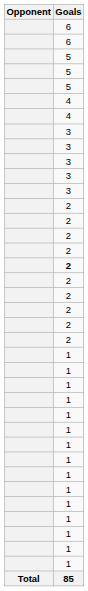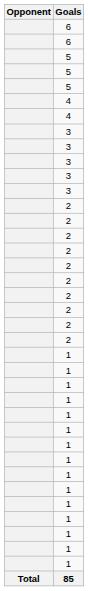 <table class="wikitable plainrowheaders sortable" style="text-align:center; font-size:95%">
 <tr>
 <th scope="col">Opponent</th>
 <th scope="col">Goals</th>
 </tr>
 <tr>
 <th scope="row"></th>
 <td>6</td>
 </tr>
 <tr>
 <th scope="row"></th>
 <td>6</td>
 </tr>
 <tr>
 <th scope="row"></th>
 <td>5</td>
 </tr>
 <tr>
 <th scope="row"></th>
 <td>5</td>
 </tr>
 <tr>
 <th scope="row"></th>
 <td>5</td>
 </tr>
 <tr>
 <th scope="row"></th>
 <td>4</td>
 </tr>
 <tr>
 <th scope="row"></th>
 <td>4</td>
 </tr>
 <tr>
 <th scope="row"></th>
 <td>3</td>
 </tr>
 <tr>
 <th scope="row"></th>
 <td>3</td>
 </tr>
 <tr>
 <th scope="row"></th>
 <td>3</td>
 </tr>
 <tr>
 <th scope="row"></th>
 <td>3</td>
 </tr>
 <tr>
 <th scope="row"></th>
 <td>3</td>
 </tr>
 <tr>
 <th scope="row"></th>
 <td>2</td>
 </tr>
 <tr>
 <th scope="row"></th>
 <td>2</td>
 </tr>
 <tr>
 <th scope="row"></th>
 <td>2</td>
 </tr>
 <tr>
 <th scope="row"></th>
 <td>2</td>
 </tr>
 <tr>
 <th scope="row"></th>
-<td><strong>2</strong></td>
+<td>2</td>
 </tr>
 <tr>
 <th scope="row"></th>
 <td>2</td>
 </tr>
 <tr>
 <th scope="row"></th>
 <td>2</td>
 </tr>
 <tr>
 <th scope="row"></th>
 <td>2</td>
 </tr>
 <tr>
 <th scope="row"></th>
 <td>2</td>
 </tr>
 <tr>
 <th scope="row"></th>
 <td>2</td>
 </tr>
 <tr>
 <th scope="row"></th>
 <td>1</td>
 </tr>
 <tr>
 <th scope="row"></th>
 <td>1</td>
 </tr>
 <tr>
 <th scope="row"></th>
 <td>1</td>
 </tr>
 <tr>
 <th scope="row"></th>
 <td>1</td>
 </tr>
 <tr>
 <th scope="row"></th>
 <td>1</td>
 </tr>
 <tr>
 <th scope="row"></th>
 <td>1</td>
 </tr>
 <tr>
 <th scope="row"></th>
 <td>1</td>
 </tr>
 <tr>
 <th scope="row"></th>
 <td>1</td>
 </tr>
 <tr>
 <th scope="row"></th>
 <td>1</td>
 </tr>
 <tr>
 <th scope="row"></th>
 <td>1</td>
 </tr>
 <tr>
 <th scope="row"></th>
 <td>1</td>
 </tr>
 <tr>
 <th scope="row"></th>
 <td>1</td>
 </tr>
 <tr>
 <th scope="row"></th>
 <td>1</td>
 </tr>
 <tr>
 <th scope="row"></th>
 <td>1</td>
 </tr>
 <tr>
 <th scope="row"></th>
 <td>1</td>
 </tr>
 <tr>
 <th>Total</th>
 <th>85</th>
 </tr>
 </table>
